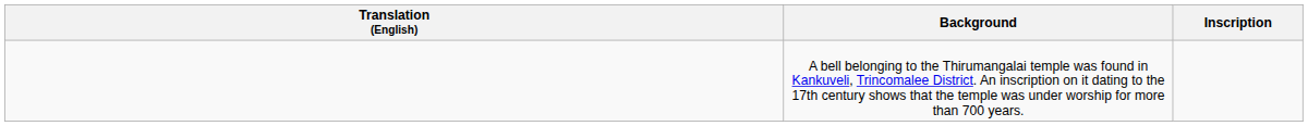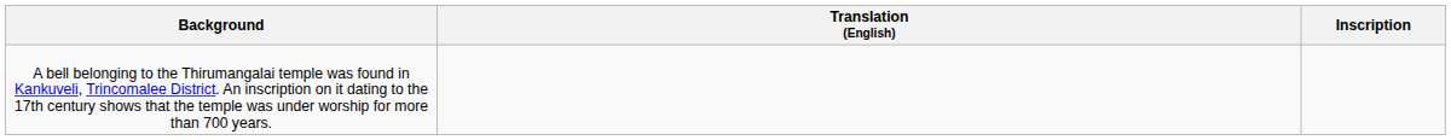 <table class="wikitable centre">
 <tr>
+<th scope="col" align=left>Background<br></th>
 <th>Translation<br><small>(English)</small></th>
-<th scope="col" align=left>Background<br></th>
 <th>Inscription<br></th>
 </tr>
 <tr>
+<td align=center width="30%"><br>A bell belonging to the Thirumangalai temple was found in <a href='#'>Kankuveli</a>, <a href='#'>Trincomalee District</a>. An inscription on it dating to the 17th century shows that the temple was under worship for more than 700 years.</td>
 <td align=left><br></td>
-<td align=center width="30%"><br>A bell belonging to the Thirumangalai temple was found in <a href='#'>Kankuveli</a>, <a href='#'>Trincomalee District</a>. An inscription on it dating to the 17th century shows that the temple was under worship for more than 700 years.</td>
 <td align=center width="10%"><br></td>
 </tr>
 </table>
